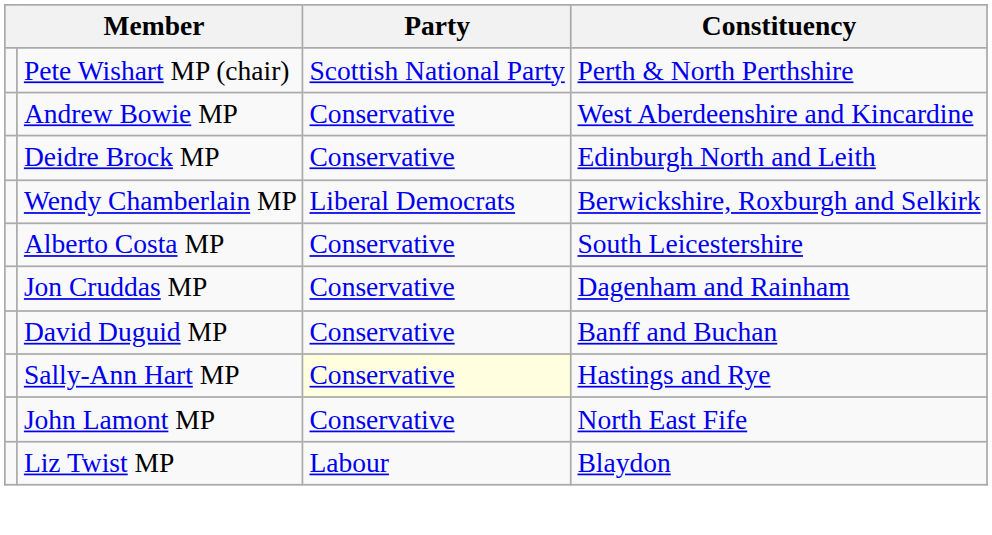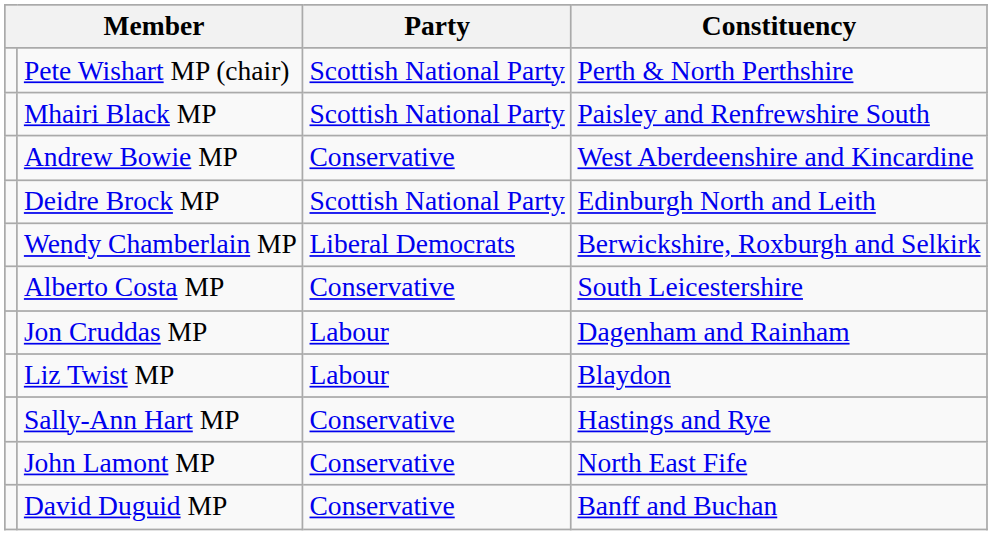 <table class="wikitable sortable">
 <tr>
 <th colspan="2" valign="top">Member</th>
 <th valign="top">Party</th>
 <th valign="top">Constituency</th>
 </tr>
 <tr>
 <td style="color:inherit;background:"></td>
 <td><a href='#'>Pete Wishart</a> MP (chair)</td>
 <td><a href='#'>Scottish National Party</a></td>
 <td><a href='#'>Perth & North Perthshire</a></td>
 </tr>
 <tr>
 <td style="color:inherit;background:"></td>
+<td><a href='#'>Mhairi Black</a> MP</td>
+<td><a href='#'>Scottish National Party</a></td>
+<td><a href='#'>Paisley and Renfrewshire South</a></td>
+</tr>
+<tr>
+<td style="color:inherit;background:"></td>
 <td><a href='#'>Andrew Bowie</a> MP</td>
 <td><a href='#'>Conservative</a></td>
 <td><a href='#'>West Aberdeenshire and Kincardine</a></td>
 </tr>
 <tr>
 <td style="color:inherit;background:"></td>
 <td><a href='#'>Deidre Brock</a> MP</td>
-<td><a href='#'>Conservative</a></td>
+<td><a href='#'>Scottish National Party</a></td>
 <td><a href='#'>Edinburgh North and Leith</a></td>
 </tr>
 <tr>
 <td style="color:inherit;background:"></td>
 <td><a href='#'>Wendy Chamberlain</a> MP</td>
 <td><a href='#'>Liberal Democrats</a></td>
 <td><a href='#'>Berwickshire, Roxburgh and Selkirk</a></td>
 </tr>
 <tr>
 <td style="color:inherit;background:"></td>
 <td><a href='#'>Alberto Costa</a> MP</td>
 <td><a href='#'>Conservative</a></td>
 <td><a href='#'>South Leicestershire</a></td>
 </tr>
 <tr>
 <td style="color:inherit;background:"></td>
 <td><a href='#'>Jon Cruddas</a> MP</td>
-<td><a href='#'>Conservative</a></td>
+<td><a href='#'>Labour</a></td>
 <td><a href='#'>Dagenham and Rainham</a></td>
 </tr>
 <tr>
 <td style="color:inherit;background:"></td>
-<td><a href='#'>David Duguid</a> MP</td>
-<td><a href='#'>Conservative</a></td>
-<td><a href='#'>Banff and Buchan</a></td>
+<td><a href='#'>Liz Twist</a> MP</td>
+<td><a href='#'>Labour</a></td>
+<td><a href='#'>Blaydon</a></td>
 </tr>
 <tr>
 <td style="color:inherit;background:"></td>
 <td><a href='#'>Sally-Ann Hart</a> MP</td>
-<td style="background: lightyellow;"><a href='#'>Conservative</a></td>
+<td><a href='#'>Conservative</a></td>
 <td><a href='#'>Hastings and Rye</a></td>
 </tr>
 <tr>
 <td style="color:inherit;background:"></td>
 <td><a href='#'>John Lamont</a> MP</td>
 <td><a href='#'>Conservative</a></td>
 <td><a href='#'>North East Fife</a></td>
 </tr>
 <tr>
 <td style="color:inherit;background:"></td>
-<td><a href='#'>Liz Twist</a> MP</td>
-<td><a href='#'>Labour</a></td>
-<td><a href='#'>Blaydon</a></td>
+<td><a href='#'>David Duguid</a> MP</td>
+<td><a href='#'>Conservative</a></td>
+<td><a href='#'>Banff and Buchan</a></td>
 </tr>
 </table>
